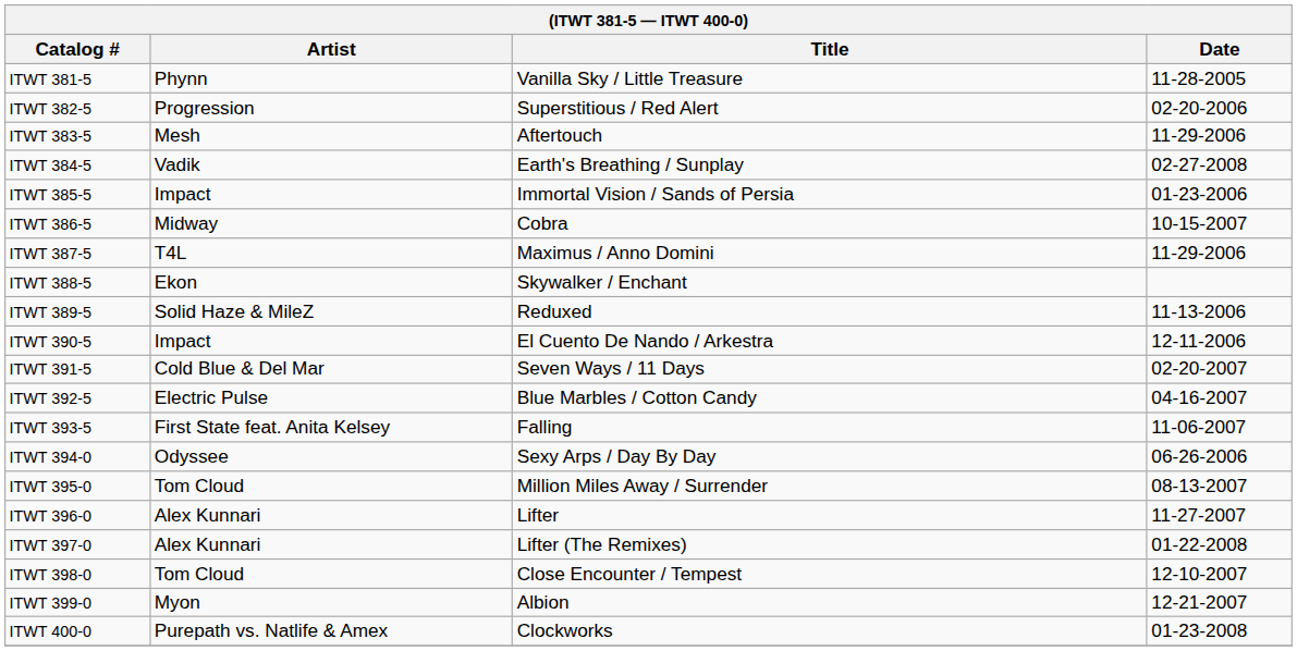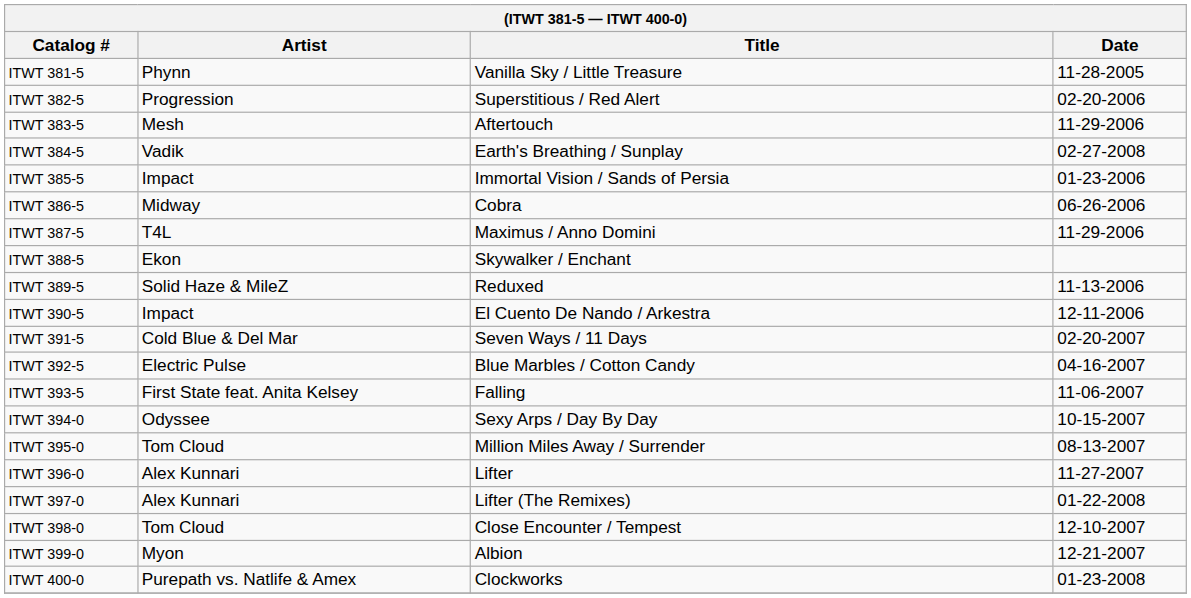 <table width="80%" class="wikitable collapsible collapsed" style="font-size:92%;position:relative;">
 <tr>
 <th colspan="5"><small>(ITWT 381-5 — ITWT 400-0)</small></th>
 </tr>
 <tr>
 <th width="8%">Catalog #</th>
 <th width="20%">Artist</th>
 <th width="35%">Title</th>
 <th width="8%">Date</th>
 </tr>
 <tr>
 <td><small>ITWT 381-5</small></td>
 <td>Phynn</td>
 <td>Vanilla Sky / Little Treasure</td>
 <td>11-28-2005</td>
 </tr>
 <tr>
 <td><small>ITWT 382-5</small></td>
 <td>Progression</td>
 <td>Superstitious / Red Alert</td>
 <td>02-20-2006</td>
 </tr>
 <tr>
 <td><small>ITWT 383-5</small></td>
 <td>Mesh</td>
 <td>Aftertouch</td>
 <td>11-29-2006</td>
 </tr>
 <tr>
 <td><small>ITWT 384-5</small></td>
 <td>Vadik</td>
 <td>Earth's Breathing / Sunplay</td>
 <td>02-27-2008</td>
 </tr>
 <tr>
 <td><small>ITWT 385-5</small></td>
 <td>Impact</td>
 <td>Immortal Vision / Sands of Persia</td>
 <td>01-23-2006</td>
 </tr>
 <tr>
 <td><small>ITWT 386-5</small></td>
 <td>Midway</td>
 <td>Cobra</td>
-<td>10-15-2007</td>
+<td>06-26-2006</td>
 </tr>
 <tr>
 <td><small>ITWT 387-5</small></td>
 <td>T4L</td>
 <td>Maximus / Anno Domini</td>
 <td>11-29-2006</td>
 </tr>
 <tr>
 <td><small>ITWT 388-5</small></td>
 <td>Ekon</td>
 <td>Skywalker / Enchant</td>
 <td></td>
 </tr>
 <tr>
 <td><small>ITWT 389-5</small></td>
 <td>Solid Haze & MileZ</td>
 <td>Reduxed</td>
 <td>11-13-2006</td>
 </tr>
 <tr>
 <td><small>ITWT 390-5</small></td>
 <td>Impact</td>
 <td>El Cuento De Nando / Arkestra</td>
 <td>12-11-2006</td>
 </tr>
 <tr>
 <td><small>ITWT 391-5</small></td>
 <td>Cold Blue & Del Mar</td>
 <td>Seven Ways / 11 Days</td>
 <td>02-20-2007</td>
 </tr>
 <tr>
 <td><small>ITWT 392-5</small></td>
 <td>Electric Pulse</td>
 <td>Blue Marbles / Cotton Candy</td>
 <td>04-16-2007</td>
 </tr>
 <tr>
 <td><small>ITWT 393-5</small></td>
 <td>First State feat. Anita Kelsey</td>
 <td>Falling</td>
 <td>11-06-2007</td>
 </tr>
 <tr>
 <td><small>ITWT 394-0</small></td>
 <td>Odyssee</td>
 <td>Sexy Arps / Day By Day</td>
-<td>06-26-2006</td>
+<td>10-15-2007</td>
 </tr>
 <tr>
 <td><small>ITWT 395-0</small></td>
 <td>Tom Cloud</td>
 <td>Million Miles Away / Surrender</td>
 <td>08-13-2007</td>
 </tr>
 <tr>
 <td><small>ITWT 396-0</small></td>
 <td>Alex Kunnari</td>
 <td>Lifter</td>
 <td>11-27-2007</td>
 </tr>
 <tr>
 <td><small>ITWT 397-0</small></td>
 <td>Alex Kunnari</td>
 <td>Lifter (The Remixes)</td>
 <td>01-22-2008</td>
 </tr>
 <tr>
 <td><small>ITWT 398-0</small></td>
 <td>Tom Cloud</td>
 <td>Close Encounter / Tempest</td>
 <td>12-10-2007</td>
 </tr>
 <tr>
 <td><small>ITWT 399-0</small></td>
 <td>Myon</td>
 <td>Albion</td>
 <td>12-21-2007</td>
 </tr>
 <tr>
 <td><small>ITWT 400-0</small></td>
 <td>Purepath vs. Natlife & Amex</td>
 <td>Clockworks</td>
 <td>01-23-2008</td>
 </tr>
 <tr>
 </tr>
 </table>
